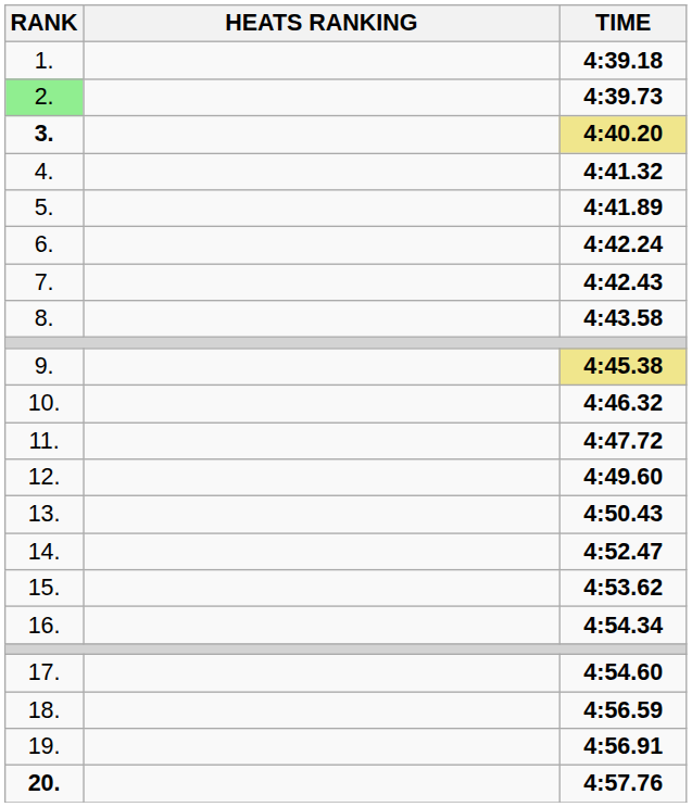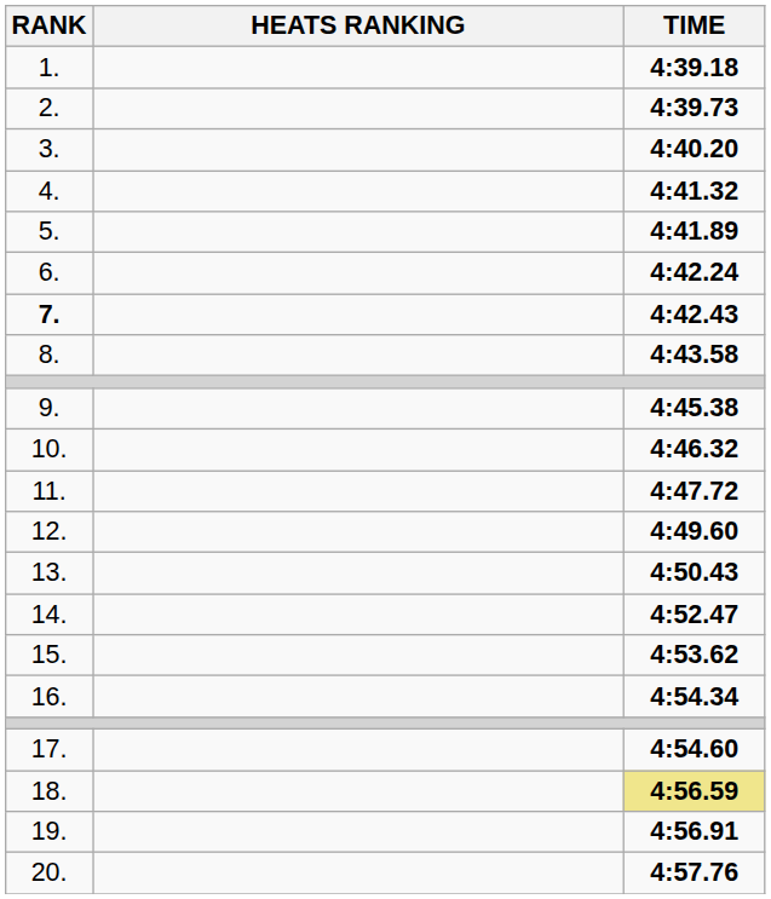 <table class="wikitable">
 <tr>
 <th>RANK</th>
 <th style="width: 20em">HEATS RANKING</th>
 <th style="width: 5em">TIME</th>
 </tr>
 <tr>
 <td align="center">1.</td>
 <td></td>
 <td align="center"><strong>4:39.18</strong></td>
 </tr>
 <tr>
-<td align="center" style="background: lightgreen;">2.</td>
+<td align="center">2.</td>
 <td></td>
 <td align="center"><strong>4:39.73</strong></td>
 </tr>
 <tr>
-<td align="center"><strong>3.</strong></td>
+<td align="center">3.</td>
 <td></td>
-<td align="center" style="background: khaki;"><strong>4:40.20</strong></td>
+<td align="center"><strong>4:40.20</strong></td>
 </tr>
 <tr>
 <td align="center">4.</td>
 <td></td>
 <td align="center"><strong>4:41.32</strong></td>
 </tr>
 <tr>
 <td align="center">5.</td>
 <td></td>
 <td align="center"><strong>4:41.89</strong></td>
 </tr>
 <tr>
 <td align="center">6.</td>
 <td></td>
 <td align="center"><strong>4:42.24</strong></td>
 </tr>
 <tr>
-<td align="center">7.</td>
+<td align="center"><strong>7.</strong></td>
 <td></td>
 <td align="center"><strong>4:42.43</strong></td>
 </tr>
 <tr>
 <td align="center">8.</td>
 <td></td>
 <td align="center"><strong>4:43.58</strong></td>
 </tr>
 <tr>
 <td colspan=3 bgcolor=lightgray></td>
 </tr>
 <tr>
 <td align="center">9.</td>
 <td></td>
-<td align="center" style="background: khaki;"><strong>4:45.38</strong></td>
+<td align="center"><strong>4:45.38</strong></td>
 </tr>
 <tr>
 <td align="center">10.</td>
 <td></td>
 <td align="center"><strong>4:46.32</strong></td>
 </tr>
 <tr>
 <td align="center">11.</td>
 <td></td>
 <td align="center"><strong>4:47.72</strong></td>
 </tr>
 <tr>
 <td align="center">12.</td>
 <td></td>
 <td align="center"><strong>4:49.60</strong></td>
 </tr>
 <tr>
 <td align="center">13.</td>
 <td></td>
 <td align="center"><strong>4:50.43</strong></td>
 </tr>
 <tr>
 <td align="center">14.</td>
 <td></td>
 <td align="center"><strong>4:52.47</strong></td>
 </tr>
 <tr>
 <td align="center">15.</td>
 <td></td>
 <td align="center"><strong>4:53.62</strong></td>
 </tr>
 <tr>
 <td align="center">16.</td>
 <td></td>
 <td align="center"><strong>4:54.34</strong></td>
 </tr>
 <tr>
 <td colspan=3 bgcolor=lightgray></td>
 </tr>
 <tr>
 <td align="center">17.</td>
 <td></td>
 <td align="center"><strong>4:54.60</strong></td>
 </tr>
 <tr>
 <td align="center">18.</td>
 <td></td>
-<td align="center"><strong>4:56.59</strong></td>
+<td align="center" style="background: khaki;"><strong>4:56.59</strong></td>
 </tr>
 <tr>
 <td align="center">19.</td>
 <td></td>
 <td align="center"><strong>4:56.91</strong></td>
 </tr>
 <tr>
-<td align="center"><strong>20.</strong></td>
+<td align="center">20.</td>
 <td></td>
 <td align="center"><strong>4:57.76</strong></td>
 </tr>
 </table>
